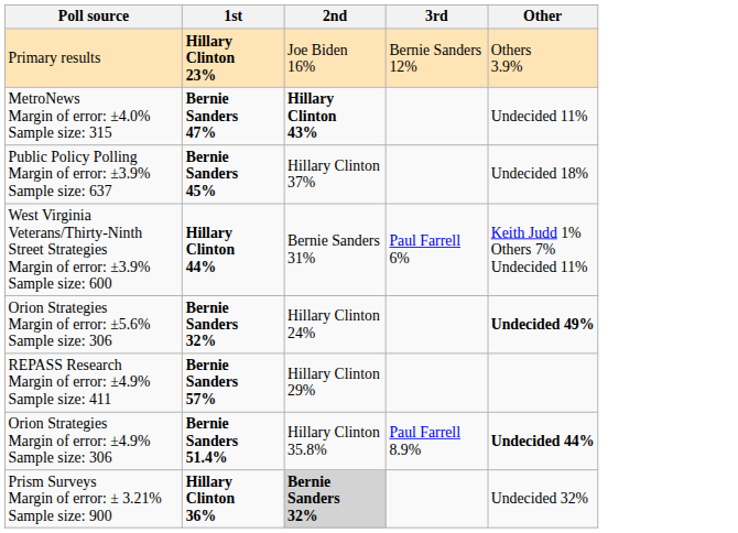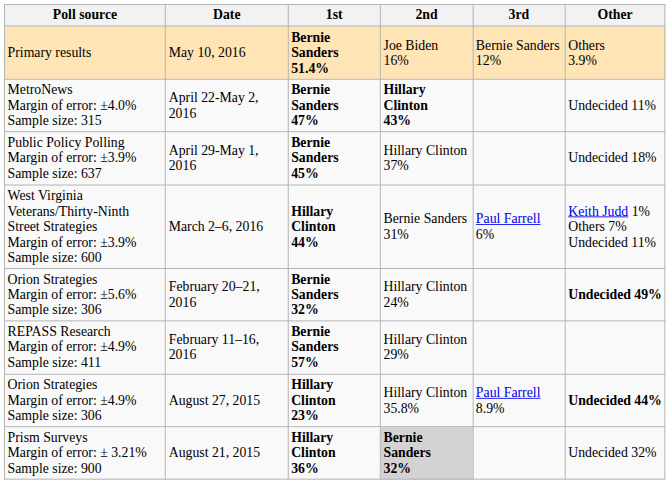 <table class="wikitable">
 <tr>
 <th style="width:180px;">Poll source</th>
+<th style="width:135px;">Date</th>
 <th style="width:100px;">1st</th>
 <th style="width:100px;">2nd</th>
 <th style="width:100px;">3rd</th>
 <th>Other</th>
 </tr>
 <tr style="background:Moccasin;">
 <td>Primary results</td>
-<td><strong>Hillary Clinton<br>23%</strong></td>
+<td>May 10, 2016</td>
+<td><strong>Bernie Sanders<br>51.4%</strong></td>
 <td>Joe Biden<br>16%</td>
 <td>Bernie Sanders<br>12%</td>
 <td>Others<br>3.9%</td>
 </tr>
 <tr>
 <td>MetroNews<br>Margin of error: ±4.0% <br>Sample size: 315</td>
+<td>April 22-May 2, 2016</td>
 <td><strong>Bernie Sanders<br>47%</strong></td>
 <td><strong>Hillary Clinton <br>43%</strong></td>
 <td></td>
 <td>Undecided 11%</td>
 </tr>
 <tr>
 <td>Public Policy Polling<br>Margin of error: ±3.9% <br>Sample size: 637</td>
+<td>April 29-May 1, 2016</td>
 <td><strong>Bernie Sanders<br>45%</strong></td>
 <td>Hillary Clinton <br>37%</td>
 <td></td>
 <td>Undecided 18%</td>
 </tr>
 <tr>
 <td>West Virginia Veterans/Thirty-Ninth Street Strategies<br>Margin of error: ±3.9% <br>Sample size: 600</td>
+<td>March 2–6, 2016</td>
 <td><strong>Hillary Clinton<br>44%</strong></td>
 <td>Bernie Sanders<br>31%</td>
 <td><a href='#'>Paul Farrell</a><br>6%</td>
 <td><a href='#'>Keith Judd</a> 1%<br> Others 7%<br> Undecided 11%</td>
 </tr>
 <tr>
 <td>Orion Strategies<br>Margin of error: ±5.6% <br>Sample size: 306</td>
+<td>February 20–21, 2016</td>
 <td><strong>Bernie Sanders<br>32%</strong></td>
 <td>Hillary Clinton<br>24%</td>
 <td></td>
 <td><span><strong>Undecided 49%</strong></span></td>
 </tr>
 <tr>
 <td>REPASS Research<br>Margin of error: ±4.9% <br>Sample size: 411</td>
+<td>February 11–16, 2016</td>
 <td><strong>Bernie Sanders<br>57%</strong></td>
 <td>Hillary Clinton<br>29%</td>
 <td></td>
 <td></td>
 </tr>
 <tr>
 <td>Orion Strategies<br>Margin of error: ±4.9% <br>Sample size: 306</td>
-<td><strong>Bernie Sanders<br>51.4%</strong></td>
+<td>August 27, 2015</td>
+<td><strong>Hillary Clinton<br>23%</strong></td>
 <td>Hillary Clinton<br>35.8%</td>
 <td><a href='#'>Paul Farrell</a><br>8.9%</td>
 <td><span><strong>Undecided 44%</strong></span></td>
 </tr>
 <tr>
 <td>Prism Surveys<br>Margin of error: ± 3.21% <br>Sample size: 900</td>
+<td>August 21, 2015</td>
 <td><strong>Hillary Clinton<br>36%</strong></td>
 <td style="background: lightgrey;"><strong>Bernie Sanders<br>32%</strong></td>
 <td></td>
 <td>Undecided 32%</td>
 </tr>
 </table>
